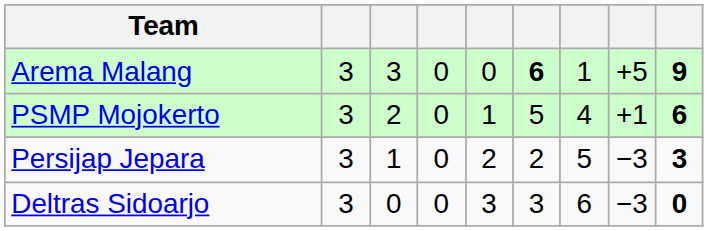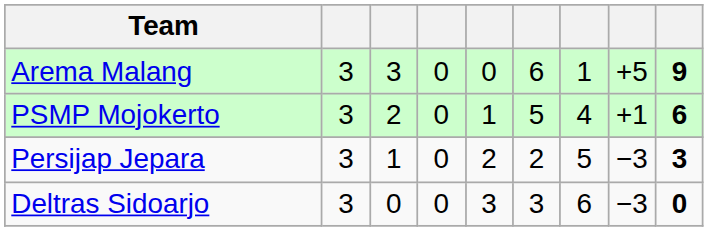 <table class="wikitable" style="text-align:center">
 <tr>
 <th style="width:175px;">Team</th>
 <th width="20"></th>
 <th width="20"></th>
 <th width="20"></th>
 <th width="20"></th>
 <th width="20"></th>
 <th width="20"></th>
 <th width="20"></th>
 <th width="20"></th>
 </tr>
 <tr style="background:#cfc;">
 <td align=left><a href='#'>Arema Malang</a></td>
 <td>3</td>
 <td>3</td>
 <td>0</td>
 <td>0</td>
-<td><strong>6</strong></td>
+<td>6</td>
 <td>1</td>
 <td>+5</td>
 <td><strong>9</strong></td>
 </tr>
 <tr style="background:#cfc;">
 <td align=left><a href='#'>PSMP Mojokerto</a></td>
 <td>3</td>
 <td>2</td>
 <td>0</td>
 <td>1</td>
 <td>5</td>
 <td>4</td>
 <td>+1</td>
 <td><strong>6</strong></td>
 </tr>
 <tr>
 <td align=left><a href='#'>Persijap Jepara</a></td>
 <td>3</td>
 <td>1</td>
 <td>0</td>
 <td>2</td>
 <td>2</td>
 <td>5</td>
 <td>−3</td>
 <td><strong>3</strong></td>
 </tr>
 <tr>
 <td align=left><a href='#'>Deltras Sidoarjo</a></td>
 <td>3</td>
 <td>0</td>
 <td>0</td>
 <td>3</td>
 <td>3</td>
 <td>6</td>
 <td>−3</td>
 <td><strong>0</strong></td>
 </tr>
 </table>
